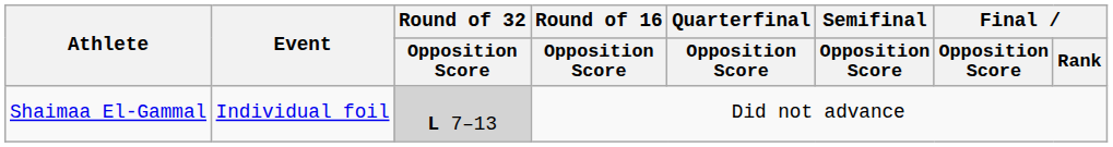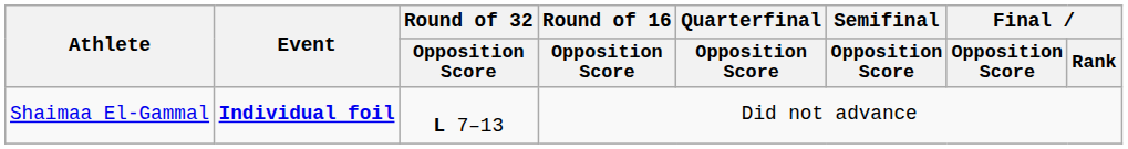 <table class="wikitable" style="font-size:90%">
 <tr>
 <th rowspan="2">Athlete</th>
 <th rowspan="2">Event</th>
 <th>Round of 32</th>
 <th>Round of 16</th>
 <th>Quarterfinal</th>
 <th>Semifinal</th>
 <th colspan=2>Final / </th>
 </tr>
 <tr style="font-size:95%">
 <th>Opposition <br> Score</th>
 <th>Opposition <br> Score</th>
 <th>Opposition <br> Score</th>
 <th>Opposition <br> Score</th>
 <th>Opposition <br> Score</th>
 <th>Rank</th>
 </tr>
 <tr align=center>
 <td align=left><a href='#'>Shaimaa El-Gammal</a></td>
-<td align=left><a href='#'>Individual foil</a></td>
-<td style="background: lightgrey;"><br><strong>L</strong> 7–13</td>
+<td align=left><strong><a href='#'>Individual foil</a></strong></td>
+<td><br><strong>L</strong> 7–13</td>
 <td colspan=5>Did not advance</td>
 </tr>
 </table>
